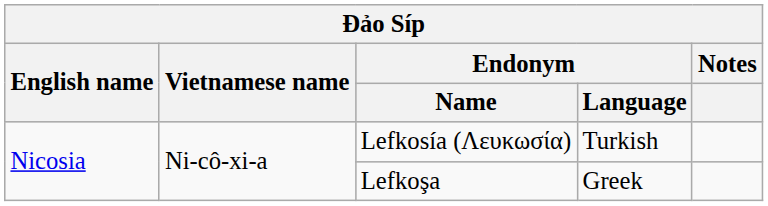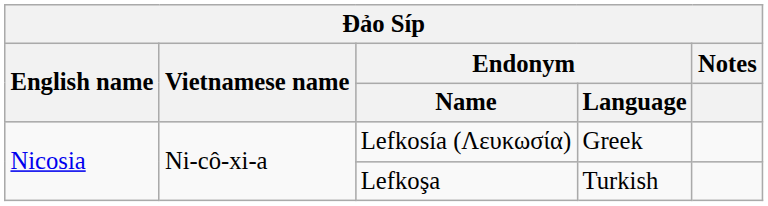 <table class="wikitable sortable">
 <tr>
 <th colspan="5"> Đảo Síp</th>
 </tr>
 <tr>
 <th rowspan="2">English name</th>
 <th rowspan="2">Vietnamese name</th>
 <th colspan="2">Endonym</th>
 <th>Notes</th>
 </tr>
 <tr>
 <th>Name</th>
 <th>Language</th>
 <th></th>
 </tr>
 <tr>
 <td rowspan="2"><a href='#'>Nicosia</a></td>
 <td rowspan="2">Ni-cô-xi-a</td>
 <td>Lefkosía (Λευκωσία)</td>
-<td>Turkish</td>
+<td>Greek</td>
 <td></td>
 </tr>
 <tr>
 <td>Lefkoşa</td>
-<td>Greek</td>
+<td>Turkish</td>
 <td></td>
 </tr>
 </table>
